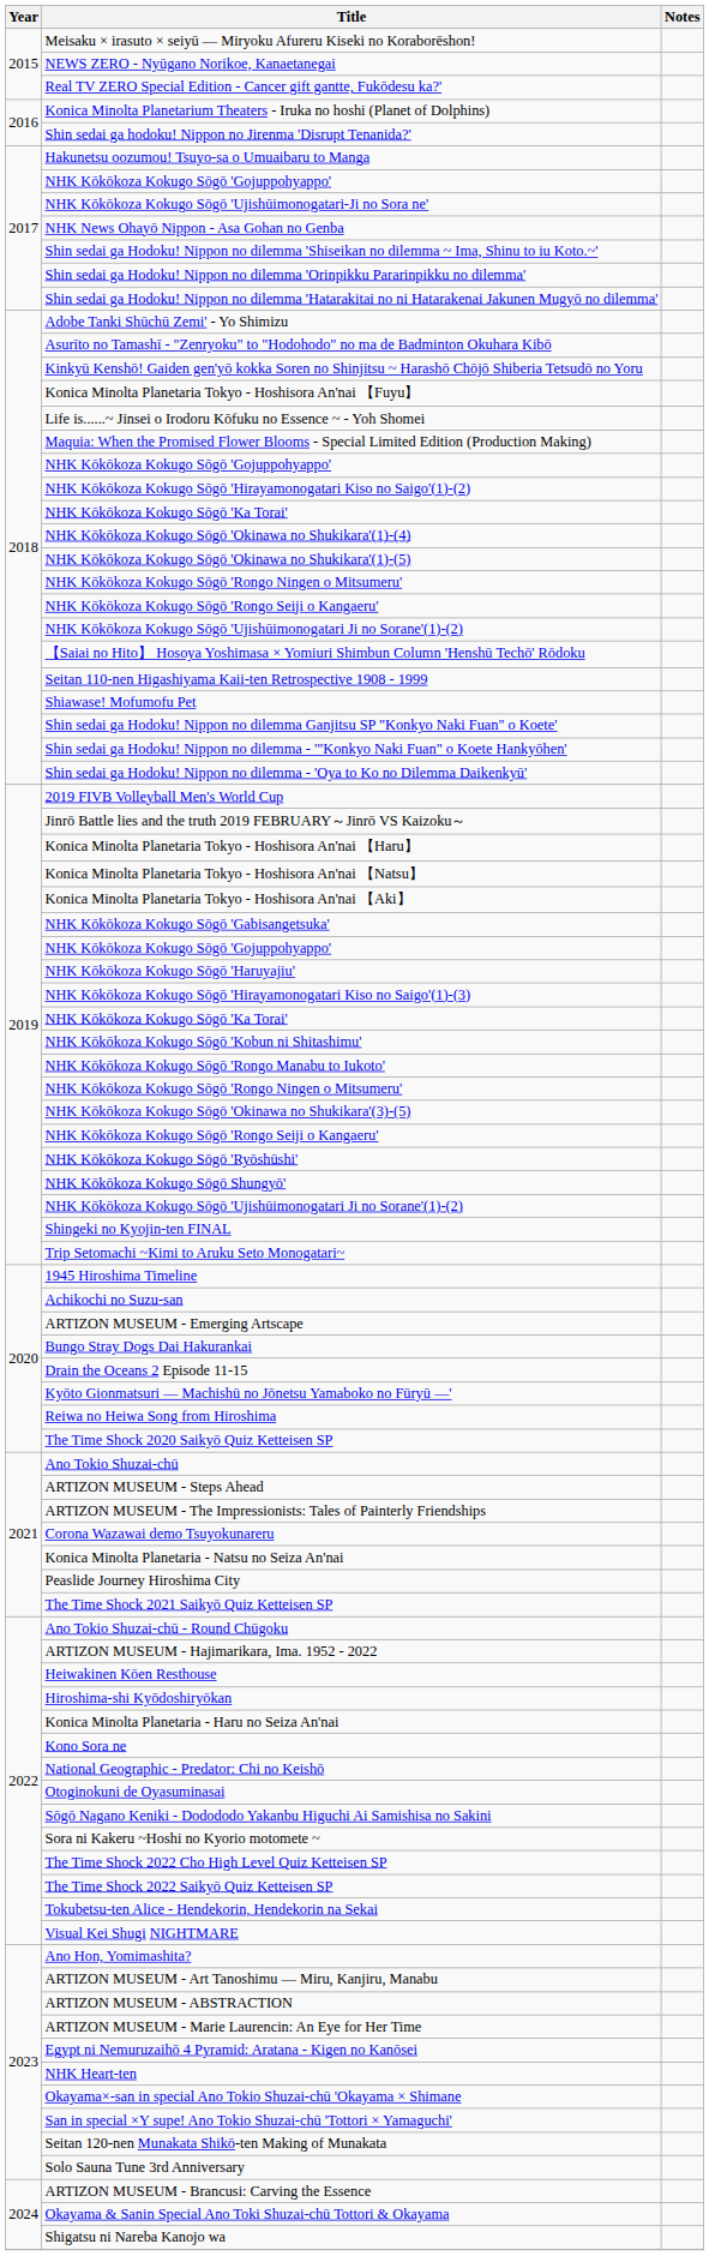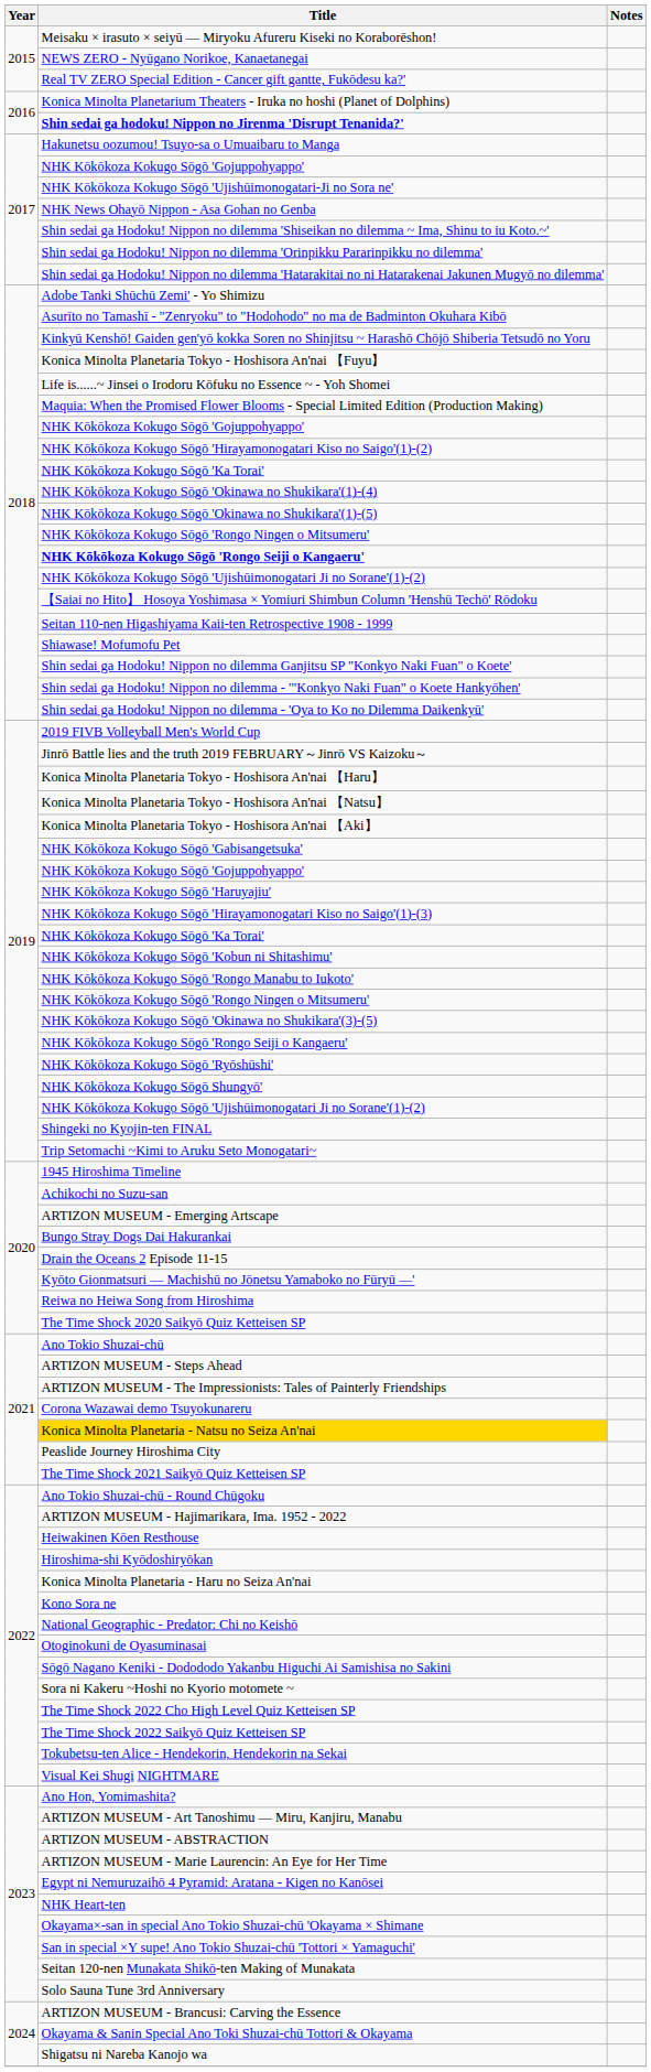 <table class="wikitable">
 <tr>
 <th>Year</th>
 <th>Title</th>
 <th>Notes</th>
 </tr>
 <tr>
 <td rowspan="3">2015</td>
 <td>Meisaku × irasuto × seiyū — Miryoku Afureru Kiseki no Koraborēshon!</td>
 <td></td>
 </tr>
 <tr>
 <td><a href='#'>NEWS ZERO - Nyūgano Norikoe, Kanaetanegai</a></td>
 <td></td>
 </tr>
 <tr>
 <td><a href='#'>Real TV ZERO Special Edition - Cancer gift gantte, Fukōdesu ka?'</a></td>
 <td></td>
 </tr>
 <tr>
 <td rowspan="2">2016</td>
 <td><a href='#'>Konica Minolta Planetarium Theaters</a> -  Iruka no hoshi (Planet of Dolphins)</td>
 <td></td>
 </tr>
 <tr>
-<td><a href='#'>Shin sedai ga hodoku! Nippon no Jirenma 'Disrupt Tenanida?'</a></td>
+<td><strong><a href='#'>Shin sedai ga hodoku! Nippon no Jirenma 'Disrupt Tenanida?'</a></strong></td>
 <td></td>
 </tr>
 <tr>
 <td rowspan="7">2017</td>
 <td><a href='#'>Hakunetsu oozumou! Tsuyo-sa o Umuaibaru to Manga</a></td>
 <td></td>
 </tr>
 <tr>
 <td><a href='#'>NHK Kōkōkoza Kokugo Sōgō 'Gojuppohyappo'</a></td>
 <td></td>
 </tr>
 <tr>
 <td><a href='#'>NHK Kōkōkoza Kokugo Sōgō 'Ujishūimonogatari-Ji no Sora ne'</a></td>
 <td></td>
 </tr>
 <tr>
 <td><a href='#'>NHK News Ohayō Nippon - Asa Gohan no Genba</a></td>
 <td></td>
 </tr>
 <tr>
 <td><a href='#'>Shin sedai ga Hodoku! Nippon no dilemma 'Shiseikan no dilemma ~ Ima, Shinu to iu Koto.~'</a></td>
 <td></td>
 </tr>
 <tr>
 <td><a href='#'>Shin sedai ga Hodoku! Nippon no dilemma 'Orinpikku Pararinpikku no dilemma'</a></td>
 <td></td>
 </tr>
 <tr>
 <td><a href='#'>Shin sedai ga Hodoku! Nippon no dilemma 'Hatarakitai no ni Hatarakenai Jakunen Mugyō no dilemma'</a></td>
 <td></td>
 </tr>
 <tr>
 <td rowspan="20">2018</td>
 <td><a href='#'>Adobe Tanki Shūchū Zemi'</a> - Yo Shimizu</td>
 <td></td>
 </tr>
 <tr>
 <td><a href='#'>Asurīto no Tamashī - "Zenryoku" to "Hodohodo" no ma de Badminton Okuhara Kibō</a></td>
 <td></td>
 </tr>
 <tr>
 <td><a href='#'>Kinkyū Kenshō! Gaiden gen'yō kokka Soren no Shinjitsu ~ Harashō Chōjō Shiberia Tetsudō no Yoru</a></td>
 <td></td>
 </tr>
 <tr>
 <td>Konica Minolta Planetaria Tokyo -  Hoshisora An'nai 【Fuyu】</td>
 <td></td>
 </tr>
 <tr>
 <td>Life is......~ Jinsei o Irodoru Kōfuku no Essence ~ - Yoh Shomei</td>
 <td></td>
 </tr>
 <tr>
 <td><a href='#'>Maquia: When the Promised Flower Blooms</a> - Special Limited Edition (Production Making)</td>
 <td></td>
 </tr>
 <tr>
 <td><a href='#'>NHK Kōkōkoza Kokugo Sōgō 'Gojuppohyappo'</a></td>
 <td></td>
 </tr>
 <tr>
 <td><a href='#'>NHK Kōkōkoza Kokugo Sōgō 'Hirayamonogatari Kiso no Saigo'(1)-(2)</a></td>
 <td></td>
 </tr>
 <tr>
 <td><a href='#'>NHK Kōkōkoza Kokugo Sōgō 'Ka Torai'</a></td>
 <td></td>
 </tr>
 <tr>
 <td><a href='#'>NHK Kōkōkoza Kokugo Sōgō 'Okinawa no Shukikara'(1)-(4)</a></td>
 <td></td>
 </tr>
 <tr>
 <td><a href='#'>NHK Kōkōkoza Kokugo Sōgō 'Okinawa no Shukikara'(1)-(5)</a></td>
 <td></td>
 </tr>
 <tr>
 <td><a href='#'>NHK Kōkōkoza Kokugo Sōgō 'Rongo Ningen o Mitsumeru'</a></td>
 <td></td>
 </tr>
 <tr>
-<td><a href='#'>NHK Kōkōkoza Kokugo Sōgō 'Rongo Seiji o Kangaeru'</a></td>
+<td><strong><a href='#'>NHK Kōkōkoza Kokugo Sōgō 'Rongo Seiji o Kangaeru'</a></strong></td>
 <td></td>
 </tr>
 <tr>
 <td><a href='#'>NHK Kōkōkoza Kokugo Sōgō 'Ujishūimonogatari Ji no Sorane'(1)-(2)</a></td>
 <td></td>
 </tr>
 <tr>
 <td><a href='#'>【Saiai no Hito】 Hosoya Yoshimasa × Yomiuri Shimbun Column 'Henshū Techō' Rōdoku</a></td>
 <td></td>
 </tr>
 <tr>
 <td><a href='#'>Seitan 110-nen Higashiyama Kaii-ten Retrospective 1908 - 1999</a></td>
 <td></td>
 </tr>
 <tr>
 <td><a href='#'>Shiawase! Mofumofu Pet</a></td>
 <td></td>
 </tr>
 <tr>
 <td><a href='#'>Shin sedai ga Hodoku! Nippon no dilemma Ganjitsu SP "Konkyo Naki Fuan" o Koete'</a></td>
 <td></td>
 </tr>
 <tr>
 <td><a href='#'>Shin sedai ga Hodoku! Nippon no dilemma - '"Konkyo Naki Fuan" o Koete Hankyōhen'</a></td>
 <td></td>
 </tr>
 <tr>
 <td><a href='#'>Shin sedai ga Hodoku! Nippon no dilemma - 'Oya to Ko no Dilemma Daikenkyū'</a></td>
 <td></td>
 </tr>
 <tr>
 <td rowspan="20">2019</td>
 <td><a href='#'>2019 FIVB Volleyball Men's World Cup</a></td>
 <td></td>
 </tr>
 <tr>
 <td>Jinrō Battle lies and the truth 2019 FEBRUARY～Jinrō VS Kaizoku～</td>
 <td></td>
 </tr>
 <tr>
 <td>Konica Minolta Planetaria Tokyo -  Hoshisora An'nai 【Haru】</td>
 <td></td>
 </tr>
 <tr>
 <td>Konica Minolta Planetaria Tokyo -  Hoshisora An'nai 【Natsu】</td>
 <td></td>
 </tr>
 <tr>
 <td>Konica Minolta Planetaria Tokyo -  Hoshisora An'nai 【Aki】</td>
 <td></td>
 </tr>
 <tr>
 <td><a href='#'>NHK Kōkōkoza Kokugo Sōgō 'Gabisangetsuka'</a></td>
 <td></td>
 </tr>
 <tr>
 <td><a href='#'>NHK Kōkōkoza Kokugo Sōgō 'Gojuppohyappo'</a></td>
 <td></td>
 </tr>
 <tr>
 <td><a href='#'>NHK Kōkōkoza Kokugo Sōgō 'Haruyajiu'</a></td>
 <td></td>
 </tr>
 <tr>
 <td><a href='#'>NHK Kōkōkoza Kokugo Sōgō 'Hirayamonogatari Kiso no Saigo'(1)-(3)</a></td>
 <td></td>
 </tr>
 <tr>
 <td><a href='#'>NHK Kōkōkoza Kokugo Sōgō 'Ka Torai'</a></td>
 <td></td>
 </tr>
 <tr>
 <td><a href='#'>NHK Kōkōkoza Kokugo Sōgō 'Kobun ni Shitashimu'</a></td>
 <td></td>
 </tr>
 <tr>
 <td><a href='#'>NHK Kōkōkoza Kokugo Sōgō 'Rongo Manabu to Iukoto'</a></td>
 <td></td>
 </tr>
 <tr>
 <td><a href='#'>NHK Kōkōkoza Kokugo Sōgō 'Rongo Ningen o Mitsumeru'</a></td>
 <td></td>
 </tr>
 <tr>
 <td><a href='#'>NHK Kōkōkoza Kokugo Sōgō 'Okinawa no Shukikara'(3)-(5)</a></td>
 <td></td>
 </tr>
 <tr>
 <td><a href='#'>NHK Kōkōkoza Kokugo Sōgō 'Rongo Seiji o Kangaeru'</a></td>
 <td></td>
 </tr>
 <tr>
 <td><a href='#'>NHK Kōkōkoza Kokugo Sōgō 'Ryōshūshi'</a></td>
 <td></td>
 </tr>
 <tr>
 <td><a href='#'>NHK Kōkōkoza Kokugo Sōgō Shungyō'</a></td>
 <td></td>
 </tr>
 <tr>
 <td><a href='#'>NHK Kōkōkoza Kokugo Sōgō 'Ujishūimonogatari Ji no Sorane'(1)-(2)</a></td>
 <td></td>
 </tr>
 <tr>
 <td><a href='#'>Shingeki no Kyojin-ten FINAL</a></td>
 <td></td>
 </tr>
 <tr>
 <td><a href='#'>Trip Setomachi ~Kimi to Aruku Seto Monogatari~</a></td>
 <td></td>
 </tr>
 <tr>
 <td rowspan="8">2020</td>
 <td><a href='#'>1945 Hiroshima Timeline</a></td>
 <td></td>
 </tr>
 <tr>
 <td><a href='#'>Achikochi no Suzu-san</a></td>
 <td></td>
 </tr>
 <tr>
 <td>ARTIZON MUSEUM - Emerging Artscape</td>
 <td></td>
 </tr>
 <tr>
 <td><a href='#'>Bungo Stray Dogs Dai Hakurankai</a></td>
 <td></td>
 </tr>
 <tr>
 <td><a href='#'>Drain the Oceans 2</a> Episode 11-15</td>
 <td></td>
 </tr>
 <tr>
 <td><a href='#'>Kyōto Gionmatsuri — Machishū no Jōnetsu Yamaboko no Fūryū —'</a></td>
 <td></td>
 </tr>
 <tr>
 <td><a href='#'>Reiwa no Heiwa Song from Hiroshima</a></td>
 <td></td>
 </tr>
 <tr>
 <td><a href='#'>The Time Shock 2020 Saikyō Quiz Ketteisen SP</a></td>
 <td></td>
 </tr>
 <tr>
 <td rowspan="7">2021</td>
 <td><a href='#'>Ano Tokio Shuzai-chū</a></td>
 <td></td>
 </tr>
 <tr>
 <td>ARTIZON MUSEUM - Steps Ahead</td>
 <td></td>
 </tr>
 <tr>
 <td>ARTIZON MUSEUM - The Impressionists: Tales of Painterly Friendships</td>
 <td></td>
 </tr>
 <tr>
 <td><a href='#'>Corona Wazawai demo Tsuyokunareru</a></td>
 </tr>
 <tr>
-<td>Konica Minolta Planetaria -  Natsu no Seiza An'nai</td>
+<td style="background: gold;">Konica Minolta Planetaria -  Natsu no Seiza An'nai</td>
 <td></td>
 </tr>
 <tr>
 <td>Peaslide Journey Hiroshima City</td>
 <td></td>
 </tr>
 <tr>
 <td><a href='#'>The Time Shock 2021 Saikyō Quiz Ketteisen SP</a></td>
 <td></td>
 </tr>
 <tr>
 <td rowspan="14">2022</td>
 <td><a href='#'>Ano Tokio Shuzai-chū - Round Chūgoku</a></td>
 <td></td>
 </tr>
 <tr>
 <td>ARTIZON MUSEUM - Hajimarikara, Ima. 1952 - 2022</td>
 <td></td>
 </tr>
 <tr>
 <td><a href='#'>Heiwakinen Kōen Resthouse</a></td>
 <td></td>
 </tr>
 <tr>
 <td><a href='#'>Hiroshima-shi Kyōdoshiryōkan</a></td>
 <td></td>
 </tr>
 <tr>
 <td>Konica Minolta Planetaria -  Haru no Seiza An'nai</td>
 <td></td>
 </tr>
 <tr>
 <td><a href='#'>Kono Sora ne</a></td>
 <td></td>
 </tr>
 <tr>
 <td><a href='#'>National Geographic - Predator: Chi no Keishō</a></td>
 <td></td>
 </tr>
 <tr>
 <td><a href='#'>Otoginokuni de Oyasuminasai</a></td>
 <td></td>
 </tr>
 <tr>
 <td><a href='#'>Sōgō Nagano Keniki - Dodododo Yakanbu Higuchi Ai Samishisa no Sakini</a></td>
 <td></td>
 </tr>
 <tr>
 <td>Sora ni Kakeru ~Hoshi no Kyorio motomete ~</td>
 <td></td>
 </tr>
 <tr>
 <td><a href='#'>The Time Shock 2022 Cho High Level Quiz Ketteisen SP</a></td>
 <td></td>
 </tr>
 <tr>
 <td><a href='#'>The Time Shock 2022 Saikyō Quiz Ketteisen SP</a></td>
 <td></td>
 </tr>
 <tr>
 <td><a href='#'>Tokubetsu-ten Alice - Hendekorin, Hendekorin na Sekai</a></td>
 <td></td>
 </tr>
 <tr>
 <td><a href='#'>Visual Kei Shugi</a> <a href='#'>NIGHTMARE</a></td>
 <td></td>
 </tr>
 <tr>
 <td rowspan="10">2023</td>
 <td><a href='#'>Ano Hon, Yomimashita?</a></td>
 <td></td>
 </tr>
 <tr>
 <td>ARTIZON MUSEUM -  Art Tanoshimu — Miru, Kanjiru, Manabu</td>
 <td></td>
 </tr>
 <tr>
 <td>ARTIZON MUSEUM - ABSTRACTION</td>
 <td></td>
 </tr>
 <tr>
 <td>ARTIZON MUSEUM - Marie Laurencin: An Eye for Her Time</td>
 <td></td>
 </tr>
 <tr>
 <td><a href='#'>Egypt ni Nemuruzaihō 4 Pyramid: Aratana - Kigen no Kanōsei</a></td>
 <td></td>
 </tr>
 <tr>
 <td><a href='#'>NHK Heart-ten</a></td>
 <td></td>
 </tr>
 <tr>
 <td><a href='#'>Okayama×-san in special Ano Tokio Shuzai-chū 'Okayama × Shimane</a></td>
 <td></td>
 </tr>
 <tr>
 <td><a href='#'>San in special ×Y supe! Ano Tokio Shuzai-chū 'Tottori × Yamaguchi'</a></td>
 <td></td>
 </tr>
 <tr>
 <td>Seitan 120-nen <a href='#'>Munakata Shikō</a>-ten Making of Munakata</td>
 <td></td>
 </tr>
 <tr>
 <td>Solo Sauna Tune 3rd Anniversary</td>
 <td></td>
 </tr>
 <tr>
 <td rowspan="3">2024</td>
 <td>ARTIZON MUSEUM - Brancusi: Carving the Essence</td>
 <td></td>
 </tr>
 <tr>
 <td><a href='#'>Okayama & Sanin Special Ano Toki Shuzai-chū Tottori & Okayama</a></td>
 <td></td>
 </tr>
 <tr>
 <td>Shigatsu ni Nareba Kanojo wa</td>
 <td></td>
 </tr>
 <tr>
 </tr>
 </table>
